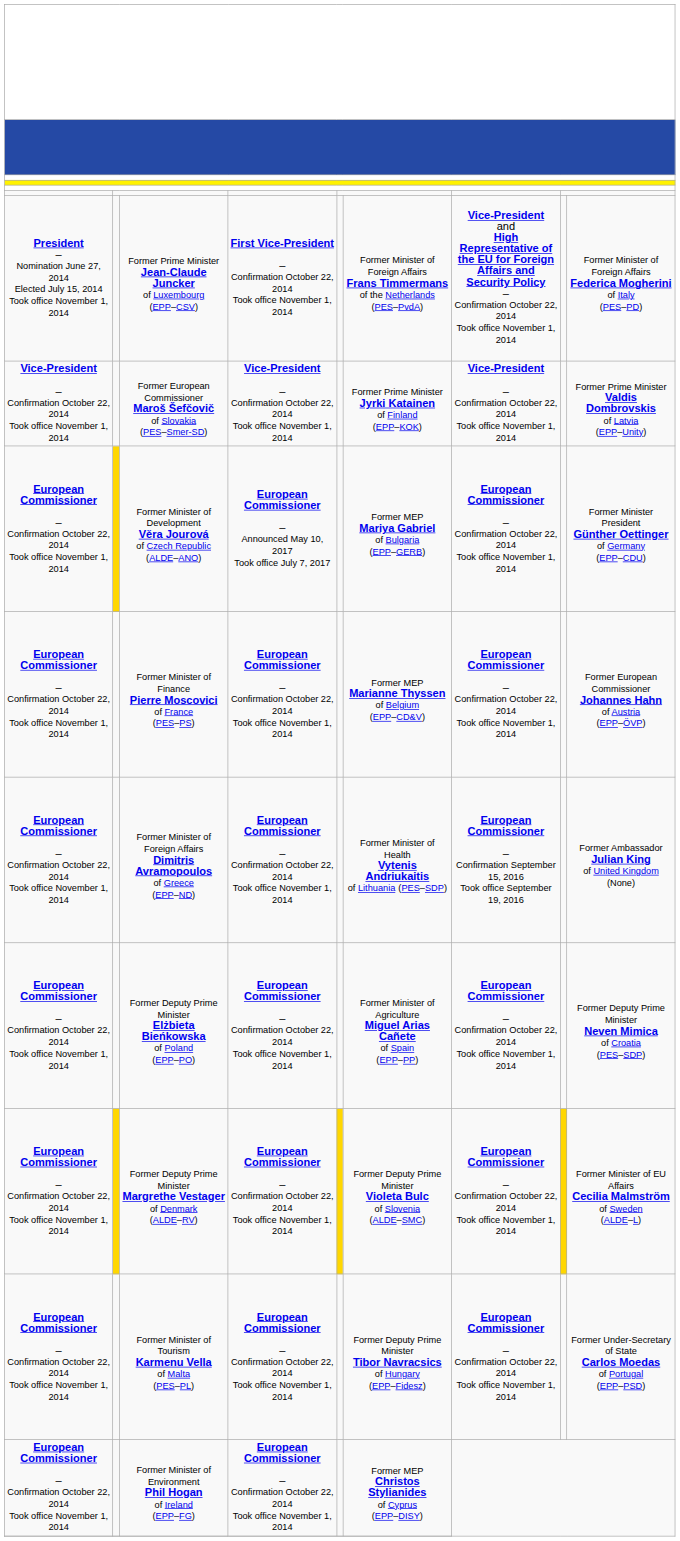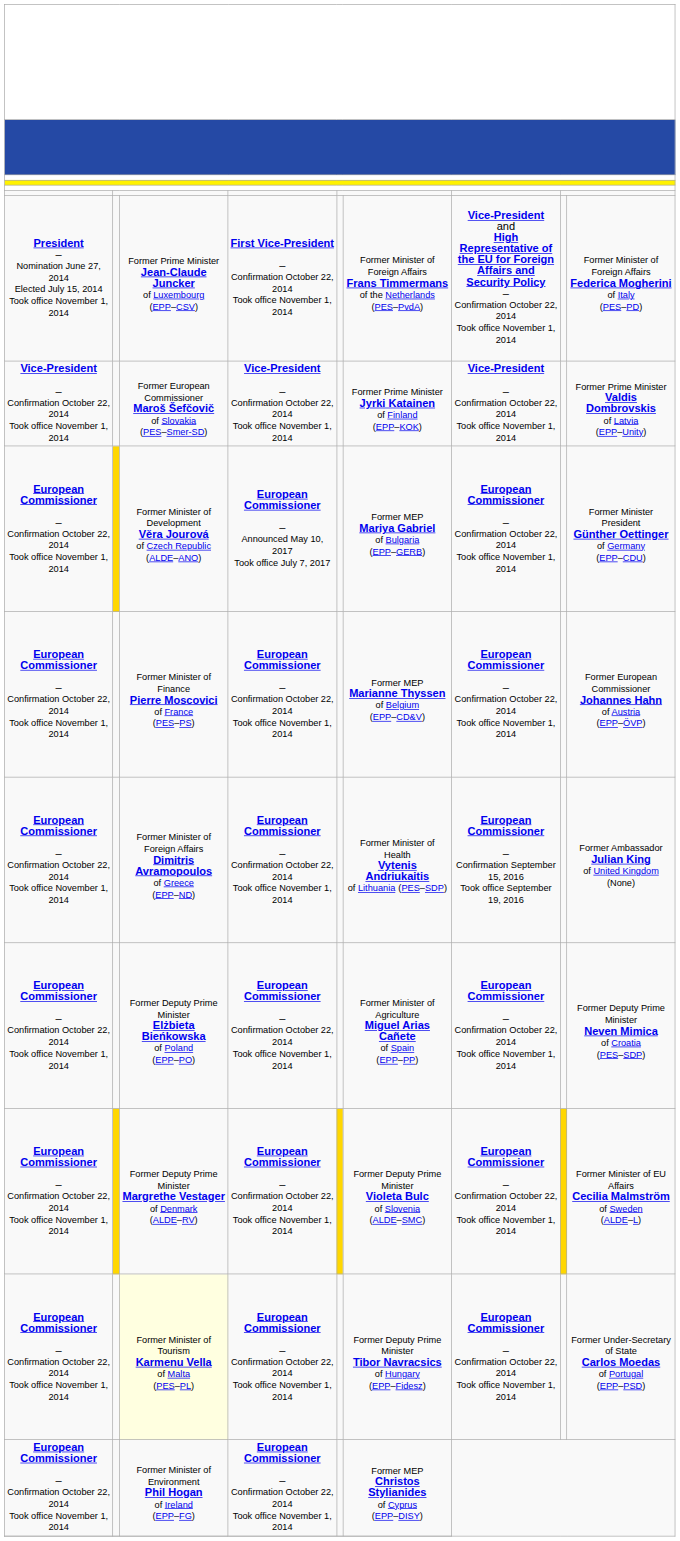 <table class="wikitable" style="text-align: center; line-height:16px;">
 <tr>
 <td colspan="9" style="height: 10em; background:white"></td>
 </tr>
 <tr style="height: 5em;">
 <td colspan="9" style="background-color:#2549a5"></td>
 </tr>
 <tr>
 <td colspan="9" style="background-color:#ffffff"></td>
 </tr>
 <tr>
 <td colspan="9" style="background-color:#fff200"></td>
 </tr>
 <tr>
 <td colspan="9" style="background-color:#ffffff"></td>
 </tr>
 <tr>
 <td style="width:150px;" style="background-color:#2549a5"></td>
 <td colspan="2"  style="width:150px;" style="background-color:#2549a5"></td>
 <td style="width:150px;" style="background-color:#2549a5"></td>
 <td colspan="2"  style="width:150px;" style="background-color:#2549a5"></td>
 <td style="width:150px;" style="background-color:#2549a5"></td>
 <td colspan="2"  style="width:150px;" style="background-color:#2549a5"></td>
 </tr>
 <tr style="height: 15em;">
 <td style="width:150px;"><strong><a href='#'>President</a></strong><br>–<br><small>Nomination June 27, 2014</small><br><small>Elected July 15, 2014</small><br><small>Took office November 1, 2014</small></td>
 <td style="width:2px; background:"></td>
 <td style="width:150px;"><br><small>Former Prime Minister</small><br><strong><a href='#'>Jean-Claude Juncker</a></strong><br><small>of  <a href='#'>Luxembourg</a></small><br><small>(<a href='#'>EPP</a>–<a href='#'>CSV</a>)</small></td>
 <td style="width:150px;"><strong><a href='#'>First Vice-President</a></strong><br><br>–<br><small>Confirmation October 22, 2014</small><br><small>Took office November 1, 2014</small></td>
 <td style="width:2px; background:"></td>
 <td style="width:150px;"><br><small>Former Minister of Foreign Affairs</small><br><strong><a href='#'>Frans Timmermans</a></strong><br><small>of the  <a href='#'>Netherlands</a></small><br><small>(<a href='#'>PES</a>–<a href='#'>PvdA</a>)</small></td>
 <td style="width:150px;"><strong><a href='#'>Vice-President</a></strong><br>and<br><a href='#'><strong>High Representative of the EU for Foreign Affairs and Security Policy</strong></a><br>–<br><small>Confirmation October 22, 2014</small><br><small>Took office November 1, 2014</small></td>
 <td style="width:2px; background:"></td>
 <td style="width:150px;"><br><small>Former Minister of Foreign Affairs</small><br><strong><a href='#'>Federica Mogherini</a></strong><br><small>of  <a href='#'>Italy</a></small><br><small>(<a href='#'>PES</a>–<a href='#'>PD</a>)</small></td>
 </tr>
 <tr>
 <td style="width:150px;"><strong><a href='#'>Vice-President</a></strong><br><br>–<br><small>Confirmation October 22, 2014</small><br><small>Took office November 1, 2014</small></td>
 <td style="width:2px; background:"></td>
 <td style="width:150px;"><br><small>Former European Commissioner</small><br><strong><a href='#'>Maroš Šefčovič</a></strong><br><small>of  <a href='#'>Slovakia</a></small><br><small>(<a href='#'>PES</a>–<a href='#'>Smer-SD</a>)</small></td>
 <td style="width:150px;"><strong><a href='#'>Vice-President</a></strong><br><br>–<br><small>Confirmation October 22, 2014</small><br><small>Took office November 1, 2014</small></td>
 <td style="width:2px; background:"></td>
 <td style="width:150px;"><br><small>Former Prime Minister</small><br><strong><a href='#'>Jyrki Katainen</a></strong><br><small>of  <a href='#'>Finland</a></small><br><small>(<a href='#'>EPP</a>–<a href='#'>KOK</a>)</small></td>
 <td style="width:150px;"><strong><a href='#'>Vice-President</a></strong><br><br>–<br><small>Confirmation October 22, 2014</small><br><small>Took office November 1, 2014</small></td>
 <td style="width:2px; background:"></td>
 <td style="width:150px;"><br><small>Former Prime Minister</small><br><strong><a href='#'>Valdis Dombrovskis</a></strong><br><small>of  <a href='#'>Latvia</a></small><br><small>(<a href='#'>EPP</a>–<a href='#'>Unity</a>)</small></td>
 </tr>
 <tr style="height: 15em;">
 <td style="width:150px;"><strong><a href='#'>European Commissioner</a></strong><br><br>–<br><small>Confirmation October 22, 2014</small><br><small>Took office November 1, 2014</small></td>
 <td style="width:2px; background:gold"></td>
 <td style="width:150px;"><br><small>Former Minister of Development</small><br><strong><a href='#'>Věra Jourová</a></strong><br><small>of  <a href='#'>Czech Republic</a></small><br><small>(<a href='#'>ALDE</a>–<a href='#'>ANO</a>)</small></td>
 <td style="width:150px;"><strong><a href='#'>European Commissioner</a></strong><br><br>–<br><small>Announced May 10, 2017</small><br><small>Took office July 7, 2017</small></td>
 <td style="width:2px; background:"></td>
 <td style="width:150px;"><br><small>Former MEP</small><br><strong><a href='#'>Mariya Gabriel</a></strong><br><small>of  <a href='#'>Bulgaria</a></small><br><small>(<a href='#'>EPP</a>–<a href='#'>GERB</a>)</small></td>
 <td style="width:150px;"><strong><a href='#'>European Commissioner</a></strong><br><br>–<br><small>Confirmation October 22, 2014</small><br><small>Took office November 1, 2014</small></td>
 <td style="width:2px; background:"></td>
 <td style="width:150px;"><br><small>Former Minister President</small><br><strong><a href='#'>Günther Oettinger</a></strong><br><small>of  <a href='#'>Germany</a></small><br><small>(<a href='#'>EPP</a>–<a href='#'>CDU</a>)</small></td>
 </tr>
 <tr style="height: 15em;">
 <td style="width:150px;"><strong><a href='#'>European Commissioner</a></strong><br><br>–<br><small>Confirmation October 22, 2014</small><br><small>Took office November 1, 2014</small></td>
 <td style="width:2px; background:"></td>
 <td style="width:150px;"><br><small>Former Minister of Finance</small><br><strong><a href='#'>Pierre Moscovici</a></strong><br><small>of  <a href='#'>France</a></small><br><small>(<a href='#'>PES</a>–<a href='#'>PS</a>)</small></td>
 <td style="width:150px;"><strong><a href='#'>European Commissioner</a></strong><br><br>–<br><small>Confirmation October 22, 2014</small><br><small>Took office November 1, 2014</small></td>
 <td style="width:2px; background:"></td>
 <td style="width:150px;"><br><small>Former MEP</small><br><strong><a href='#'>Marianne Thyssen</a></strong><br><small>of  <a href='#'>Belgium</a></small><br><small>(<a href='#'>EPP</a>–<a href='#'>CD&V</a>)</small></td>
 <td style="width:150px;"><strong><a href='#'>European Commissioner</a></strong><br><br>–<br><small>Confirmation October 22, 2014</small><br><small>Took office November 1, 2014</small></td>
 <td style="width:2px; background:"></td>
 <td style="width:150px;"><br><small>Former European Commissioner</small><br><strong><a href='#'>Johannes Hahn</a></strong><br><small>of  <a href='#'>Austria</a></small><br><small>(<a href='#'>EPP</a>–<a href='#'>ÖVP</a>)</small></td>
 </tr>
 <tr style="height: 15em;">
 <td style="width:150px;"><strong><a href='#'>European Commissioner</a></strong><br><br>–<br><small>Confirmation October 22, 2014</small><br><small>Took office November 1, 2014</small></td>
 <td style="width:2px; background:"></td>
 <td style="width:150px;"><br><small>Former Minister of Foreign Affairs</small><br><strong><a href='#'>Dimitris Avramopoulos</a></strong><br><small>of  <a href='#'>Greece</a></small><br><small>(<a href='#'>EPP</a>–<a href='#'>ND</a>)</small></td>
 <td style="width:150px;"><strong><a href='#'>European Commissioner</a></strong><br><br>–<br><small>Confirmation October 22, 2014</small><br><small>Took office November 1, 2014</small></td>
 <td style="width:2px; background:"></td>
 <td style="width:150px;"><br><small>Former Minister of Health</small><br><strong><a href='#'>Vytenis Andriukaitis</a></strong><br><small>of  <a href='#'>Lithuania</a></small> <small>(<a href='#'>PES</a>–<a href='#'>SDP</a>)</small></td>
 <td style="width:150px;"><strong><a href='#'>European Commissioner</a></strong><br><br>–<br><small>Confirmation September 15, 2016</small><br><small>Took office September 19, 2016</small></td>
 <td style="width:2px; background:"></td>
 <td style="width:150px;"><br><small>Former Ambassador</small><br><strong><a href='#'>Julian King</a></strong><br><small>of  <a href='#'>United Kingdom</a></small><br><small>(None)</small></td>
 </tr>
 <tr style="height: 15em;">
 <td style="width:150px;"><strong><a href='#'>European Commissioner</a></strong><br><br>–<br><small>Confirmation October 22, 2014</small><br><small>Took office November 1, 2014</small></td>
 <td style="width:2px; background:"></td>
 <td style="width:150px;"><br><small>Former Deputy Prime Minister</small><br><strong><a href='#'>Elżbieta Bieńkowska</a></strong><br><small>of  <a href='#'>Poland</a></small><br><small>(<a href='#'>EPP</a>–<a href='#'>PO</a>)</small></td>
 <td style="width:150px;"><strong><a href='#'>European Commissioner</a></strong><br><br>–<br><small>Confirmation October 22, 2014</small><br><small>Took office November 1, 2014</small></td>
 <td style="width:2px; background:"></td>
 <td style="width:150px;"><br><small>Former Minister of Agriculture</small><br><strong><a href='#'>Miguel Arias Cañete</a></strong><br><small>of  <a href='#'>Spain</a></small><br><small>(<a href='#'>EPP</a>–<a href='#'>PP</a>)</small></td>
 <td style="width:150px;"><strong><a href='#'>European Commissioner</a></strong><br><br>–<br><small>Confirmation October 22, 2014</small><br><small>Took office November 1, 2014</small></td>
 <td style="width:2px; background:"></td>
 <td style="width:150px;"><br><small>Former Deputy Prime Minister</small><br><strong><a href='#'>Neven Mimica</a></strong><br><small>of  <a href='#'>Croatia</a></small><br><small>(<a href='#'>PES</a>–<a href='#'>SDP</a>)</small></td>
 </tr>
 <tr style="height: 15em;">
 <td style="width:150px;"><strong><a href='#'>European Commissioner</a></strong><br><br>–<br><small>Confirmation October 22, 2014</small><br><small>Took office November 1, 2014</small></td>
 <td style="width:2px; background:gold"></td>
 <td style="width:150px;"><br><small>Former Deputy Prime Minister</small><br><strong><a href='#'>Margrethe Vestager</a></strong><br><small>of  <a href='#'>Denmark</a></small><br><small>(<a href='#'>ALDE</a>–<a href='#'>RV</a>)</small></td>
 <td style="width:150px;"><strong><a href='#'>European Commissioner</a></strong><br><br>–<br><small>Confirmation October 22, 2014</small><br><small>Took office November 1, 2014</small></td>
 <td style="width:2px; background:gold"></td>
 <td style="width:150px;"><br><small>Former Deputy Prime Minister</small><br><strong><a href='#'>Violeta Bulc</a></strong><br><small>of  <a href='#'>Slovenia</a></small><br><small>(<a href='#'>ALDE</a>–<a href='#'>SMC</a>)</small></td>
 <td style="width:150px;"><strong><a href='#'>European Commissioner</a></strong><br><br>–<br><small>Confirmation October 22, 2014</small><br><small>Took office November 1, 2014</small></td>
 <td style="width:2px; background:gold"></td>
 <td style="width:150px;"><br><small>Former Minister of EU Affairs</small><br><strong><a href='#'>Cecilia Malmström</a></strong><br><small>of  <a href='#'>Sweden</a></small><br><small>(<a href='#'>ALDE</a>–<a href='#'>L</a>)</small></td>
 </tr>
 <tr style="height: 15em;">
 <td style="width:150px;"><strong><a href='#'>European Commissioner</a></strong><br><br>–<br><small>Confirmation October 22, 2014</small><br><small>Took office November 1, 2014</small></td>
 <td style="width:2px; background:"></td>
-<td style="width:150px;"><br><small>Former Minister of Tourism</small><br><strong><a href='#'>Karmenu Vella</a></strong><br><small>of  <a href='#'>Malta</a></small><br><small>(<a href='#'>PES</a>–<a href='#'>PL</a>)</small></td>
+<td style="background: lightyellow; width:150px;"><br><small>Former Minister of Tourism</small><br><strong><a href='#'>Karmenu Vella</a></strong><br><small>of  <a href='#'>Malta</a></small><br><small>(<a href='#'>PES</a>–<a href='#'>PL</a>)</small></td>
 <td style="width:150px;"><strong><a href='#'>European Commissioner</a></strong><br><br>–<br><small>Confirmation October 22, 2014</small><br><small>Took office November 1, 2014</small></td>
 <td style="width:2px; background:"></td>
 <td style="width:150px;"><br><small>Former Deputy Prime Minister</small><br><strong><a href='#'>Tibor Navracsics</a></strong><br><small>of  <a href='#'>Hungary</a></small><br><small>(<a href='#'>EPP</a>–<a href='#'>Fidesz</a>)</small></td>
 <td style="width:150px;"><strong><a href='#'>European Commissioner</a></strong><br><br>–<br><small>Confirmation October 22, 2014</small><br><small>Took office November 1, 2014</small></td>
 <td style="width:2px; background:"></td>
 <td style="width:150px;"><br><small>Former Under-Secretary of State</small><br><strong><a href='#'>Carlos Moedas</a></strong><br><small>of  <a href='#'>Portugal</a></small><br><small>(<a href='#'>EPP</a>–<a href='#'>PSD</a>)</small></td>
 </tr>
 <tr>
 <td style="width:150px;"><strong><a href='#'>European Commissioner</a></strong><br><br>–<br><small>Confirmation October 22, 2014</small><br><small>Took office November 1, 2014</small></td>
 <td style="width:2px; background:"></td>
 <td style="width:150px;"><br><small>Former Minister of Environment</small><br><strong><a href='#'>Phil Hogan</a></strong><br><small>of  <a href='#'>Ireland</a></small><br><small>(<a href='#'>EPP</a>–<a href='#'>FG</a>)</small></td>
 <td style="width:150px;"><strong><a href='#'>European Commissioner</a></strong><br><br>–<br><small>Confirmation October 22, 2014</small><br><small>Took office November 1, 2014</small></td>
 <td style="width:2px; background:"></td>
 <td style="width:150px;"><br><small>Former MEP</small><br><strong><a href='#'>Christos Stylianides</a></strong><br><small>of  <a href='#'>Cyprus</a></small><br><small>(<a href='#'>EPP</a>–<a href='#'>DISY</a>)</small></td>
 </tr>
 <tr>
 </tr>
 </table>
